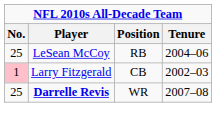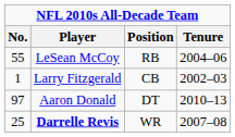 <table class="wikitable" style="text-align:center">
 <tr>
 <td colspan="4"><strong><a href='#'><span>NFL 2010s All-Decade Team</span></a></strong></td>
 </tr>
 <tr>
 <th>No.</th>
 <th>Player</th>
 <th>Position</th>
 <th>Tenure</th>
 </tr>
 <tr>
-<td>25</td>
+<td>55</td>
 <td><a href='#'>LeSean McCoy</a></td>
 <td>RB</td>
 <td>2004–06</td>
 </tr>
 <tr>
-<td style="background: pink;">1</td>
+<td>1</td>
 <td><a href='#'>Larry Fitzgerald</a></td>
 <td>CB</td>
 <td>2002–03</td>
+</tr>
+<tr>
+<td>97</td>
+<td><a href='#'>Aaron Donald</a></td>
+<td>DT</td>
+<td>2010–13</td>
 </tr>
 <tr>
 <td>25</td>
 <td><strong><a href='#'>Darrelle Revis</a></strong></td>
 <td>WR</td>
 <td>2007–08</td>
 </tr>
 </table>
